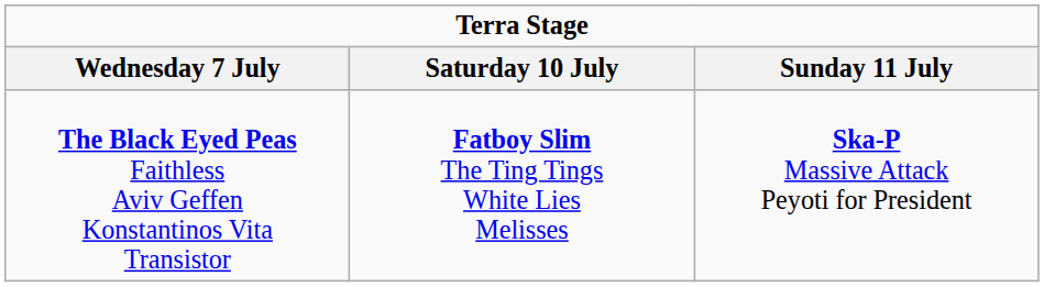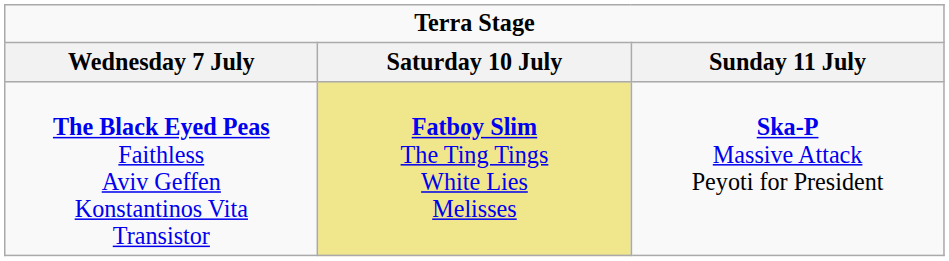 <table class="wikitable">
 <tr>
 <td colspan="3" align="center"><strong>Terra Stage</strong></td>
 </tr>
 <tr>
 <th>Wednesday 7 July</th>
 <th>Saturday 10 July</th>
 <th>Sunday 11 July</th>
 </tr>
 <tr>
 <td valign="top" align="center" width=200><br><strong><a href='#'>The Black Eyed Peas</a></strong> <br><a href='#'>Faithless</a> <br><a href='#'>Aviv Geffen</a> <br><a href='#'>Konstantinos Vita</a> <br><a href='#'>Transistor</a></td>
-<td valign="top" align="center" width=200><br><strong><a href='#'>Fatboy Slim</a></strong> <br><a href='#'>The Ting Tings</a> <br><a href='#'>White Lies</a> <br><a href='#'>Melisses</a></td>
+<td valign="top" align="center" width=200 style="background: khaki;"><br><strong><a href='#'>Fatboy Slim</a></strong> <br><a href='#'>The Ting Tings</a> <br><a href='#'>White Lies</a> <br><a href='#'>Melisses</a></td>
 <td valign="top" align="center" width=200><br><strong><a href='#'>Ska-P</a></strong> <br><a href='#'>Massive Attack</a> <br>Peyoti for President</td>
 </tr>
 </table>
